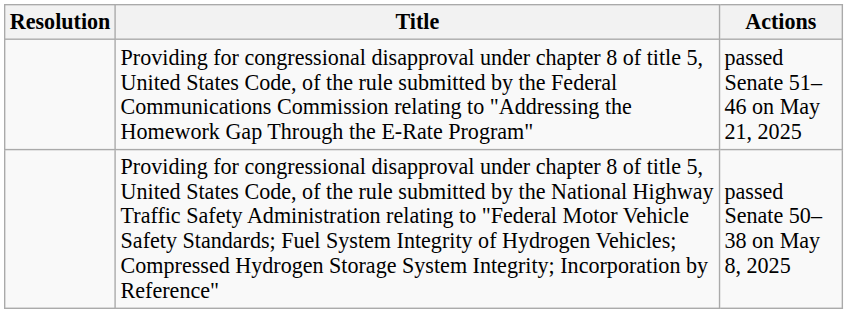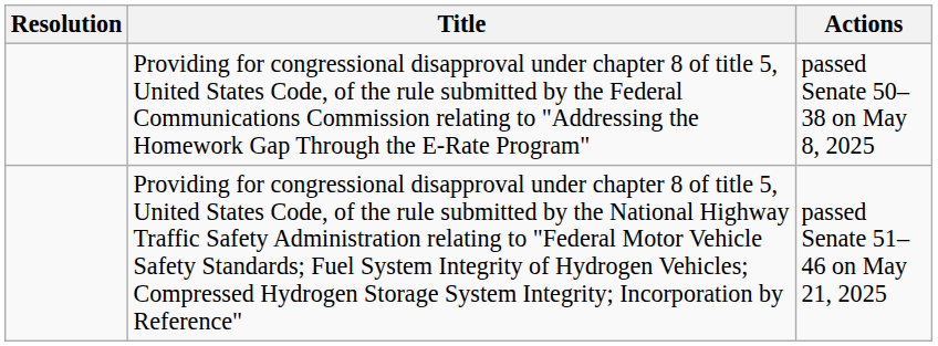 <table class="wikitable sortable">
 <tr>
 <th>Resolution</th>
 <th>Title</th>
 <th>Actions</th>
 </tr>
 <tr>
 <td></td>
 <td>Providing for congressional disapproval under chapter 8 of title 5, United States Code, of the rule submitted by the Federal Communications Commission relating to "Addressing the Homework Gap Through the E-Rate Program"</td>
-<td>passed Senate 51–46 on May 21, 2025</td>
+<td>passed Senate 50–38 on May 8, 2025</td>
 </tr>
 <tr>
 <td></td>
 <td>Providing for congressional disapproval under chapter 8 of title 5, United States Code, of the rule submitted by the National Highway Traffic Safety Administration relating to "Federal Motor Vehicle Safety Standards; Fuel System Integrity of Hydrogen Vehicles; Compressed Hydrogen Storage System Integrity; Incorporation by Reference"</td>
-<td>passed Senate 50–38 on May 8, 2025</td>
+<td>passed Senate 51–46 on May 21, 2025</td>
 </tr>
 </table>
